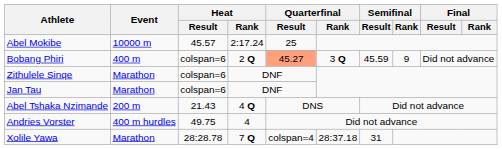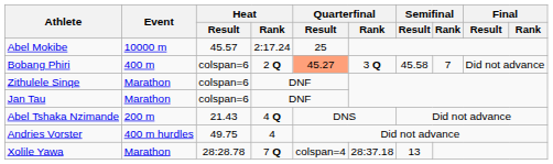 <table class="wikitable" style="font-size:90%">
 <tr>
 <th rowspan="2">Athlete</th>
 <th rowspan="2">Event</th>
 <th colspan="2">Heat</th>
 <th colspan="2">Quarterfinal</th>
 <th colspan="2">Semifinal</th>
 <th colspan="2">Final</th>
 </tr>
 <tr style="font-size:95%">
 <th>Result</th>
 <th>Rank</th>
 <th>Result</th>
 <th>Rank</th>
 <th>Result</th>
 <th>Rank</th>
 <th>Result</th>
 <th>Rank</th>
 </tr>
 <tr align=center>
 <td align=left><a href='#'>Abel Mokibe</a></td>
 <td align=left><a href='#'>10000 m</a></td>
 <td>45.57</td>
 <td>2:17.24</td>
 <td>25</td>
 </tr>
 <tr align=center>
 <td align=left><a href='#'>Bobang Phiri</a></td>
 <td align=left><a href='#'>400 m</a></td>
 <td>colspan=6 </td>
 <td>2 <strong>Q</strong></td>
 <td style="background: lightsalmon;">45.27</td>
 <td>3 <strong>Q</strong></td>
-<td>45.59</td>
-<td>9</td>
+<td>45.58</td>
+<td>7</td>
 <td colspan=2>Did not advance</td>
 </tr>
 <tr align=center>
 <td align=left><a href='#'>Zithulele Sinqe</a></td>
 <td align=left><a href='#'>Marathon</a></td>
 <td>colspan=6 </td>
 <td colspan=2>DNF</td>
 </tr>
 <tr align=center>
 <td align=left><a href='#'>Jan Tau</a></td>
 <td align=left><a href='#'>Marathon</a></td>
 <td>colspan=6 </td>
 <td colspan=2>DNF</td>
 </tr>
 <tr align=center>
 <td align=left><a href='#'>Abel Tshaka Nzimande</a></td>
 <td align=left><a href='#'>200 m</a></td>
 <td>21.43</td>
 <td>4 <strong>Q</strong></td>
 <td colspan=2>DNS</td>
 <td colspan=6>Did not advance</td>
 </tr>
 <tr align=center>
 <td align=left><a href='#'>Andries Vorster</a></td>
 <td align=left><a href='#'>400 m hurdles</a></td>
 <td>49.75</td>
 <td>4</td>
 <td colspan=6>Did not advance</td>
 </tr>
 <tr align=center>
 <td align=left><a href='#'>Xolile Yawa</a></td>
 <td align=left><a href='#'>Marathon</a></td>
 <td>28:28.78</td>
 <td>7  <strong>Q</strong></td>
 <td>colspan=4 </td>
 <td>28:37.18</td>
-<td>31</td>
+<td>13</td>
 </tr>
 </table>
